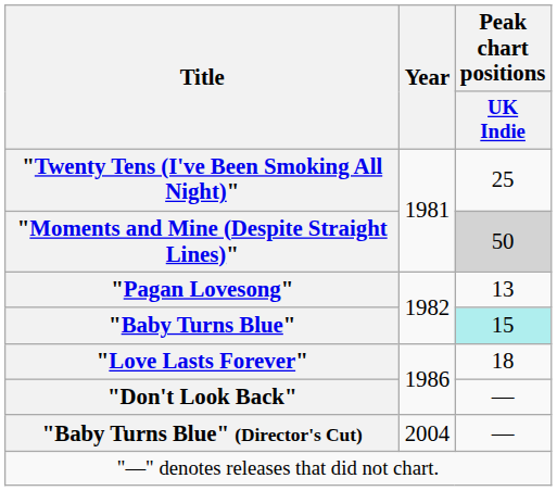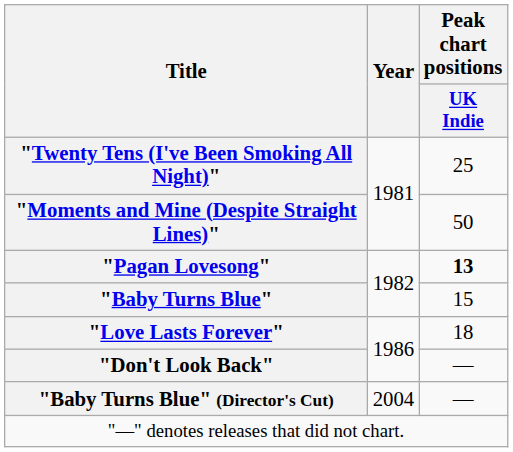 <table class="wikitable plainrowheaders" style="text-align:center;">
 <tr>
 <th rowspan="2" scope="col" style="width:17em;">Title</th>
 <th rowspan="2" scope="col" style="width:2em;">Year</th>
 <th>Peak chart positions</th>
 </tr>
 <tr>
 <th scope="col" style="width:2em;font-size:90%;"><a href='#'>UK<br>Indie</a><br></th>
 </tr>
 <tr>
 <th scope="row">"<a href='#'>Twenty Tens (I've Been Smoking All Night)</a>"</th>
 <td rowspan="2">1981</td>
 <td>25</td>
 </tr>
 <tr>
 <th scope="row">"<a href='#'>Moments and Mine (Despite Straight Lines)</a>"</th>
-<td style="background: lightgrey;">50</td>
+<td>50</td>
 </tr>
 <tr>
 <th scope="row">"<a href='#'>Pagan Lovesong</a>"</th>
 <td rowspan="2">1982</td>
-<td>13</td>
+<td><strong>13</strong></td>
 </tr>
 <tr>
 <th scope="row">"<a href='#'>Baby Turns Blue</a>"</th>
-<td style="background: paleturquoise;">15</td>
+<td>15</td>
 </tr>
 <tr>
 <th scope="row">"<a href='#'>Love Lasts Forever</a>"</th>
 <td rowspan="2">1986</td>
 <td>18</td>
 </tr>
 <tr>
 <th scope="row">"Don't Look Back"</th>
 <td>—</td>
 </tr>
 <tr>
 <th scope="row">"Baby Turns Blue" <small>(Director's Cut)</small></th>
 <td>2004</td>
 <td>—</td>
 </tr>
 <tr>
 <td colspan="3" style="font-size:90%">"—" denotes releases that did not chart.</td>
 </tr>
 </table>
